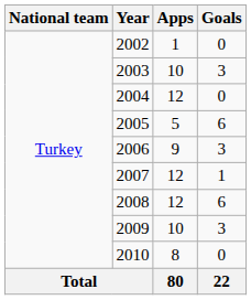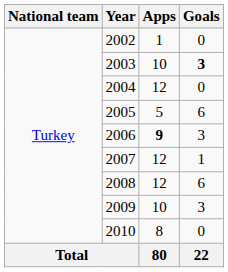 <table class="wikitable" style="text-align: center;">
 <tr>
 <th>National team</th>
 <th>Year</th>
 <th>Apps</th>
 <th>Goals</th>
 </tr>
 <tr>
 <td rowspan="9"><a href='#'>Turkey</a></td>
 <td>2002</td>
 <td>1</td>
 <td>0</td>
 </tr>
 <tr>
 <td>2003</td>
 <td>10</td>
-<td>3</td>
+<td><strong>3</strong></td>
 </tr>
 <tr>
 <td>2004</td>
 <td>12</td>
 <td>0</td>
 </tr>
 <tr>
 <td>2005</td>
 <td>5</td>
 <td>6</td>
 </tr>
 <tr>
 <td>2006</td>
-<td>9</td>
+<td><strong>9</strong></td>
 <td>3</td>
 </tr>
 <tr>
 <td>2007</td>
 <td>12</td>
 <td>1</td>
 </tr>
 <tr>
 <td>2008</td>
 <td>12</td>
 <td>6</td>
 </tr>
 <tr>
 <td>2009</td>
 <td>10</td>
 <td>3</td>
 </tr>
 <tr>
 <td>2010</td>
 <td>8</td>
 <td>0</td>
 </tr>
 <tr>
 <th colspan="2">Total</th>
 <th>80</th>
 <th>22</th>
 </tr>
 </table>
